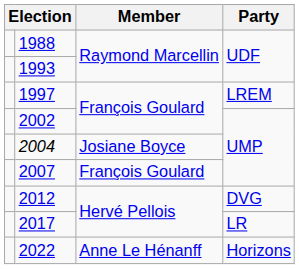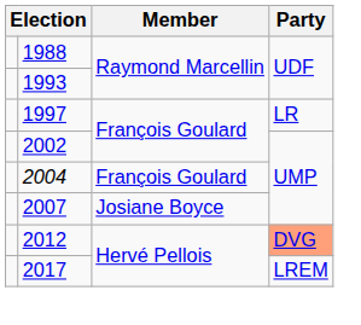 <table class="wikitable">
 <tr>
 <th colspan="2">Election</th>
 <th>Member</th>
 <th>Party</th>
 </tr>
 <tr>
 <td style="color:inherit;background-color: "></td>
 <td><a href='#'>1988</a></td>
 <td rowspan="2"><a href='#'>Raymond Marcellin</a></td>
 <td rowspan="2"><a href='#'>UDF</a></td>
 </tr>
 <tr>
 <td style="color:inherit;background-color: "></td>
 <td><a href='#'>1993</a></td>
 </tr>
 <tr>
 <td style="color:inherit;background-color: "></td>
 <td><a href='#'>1997</a></td>
 <td rowspan="2"><a href='#'>François Goulard</a></td>
-<td><a href='#'>LREM</a></td>
+<td><a href='#'>LR</a></td>
 </tr>
 <tr>
 <td style="color:inherit;background-color: "></td>
 <td><a href='#'>2002</a></td>
 <td rowspan="3"><a href='#'>UMP</a></td>
 </tr>
 <tr>
 <td style="color:inherit;background-color: "></td>
 <td><em>2004</em></td>
-<td><a href='#'>Josiane Boyce</a></td>
+<td><a href='#'>François Goulard</a></td>
 </tr>
 <tr>
 <td style="color:inherit;background-color: "></td>
 <td><a href='#'>2007</a></td>
-<td><a href='#'>François Goulard</a></td>
+<td><a href='#'>Josiane Boyce</a></td>
 </tr>
 <tr>
 <td style="color:inherit;background-color: "></td>
 <td><a href='#'>2012</a></td>
 <td rowspan="2"><a href='#'>Hervé Pellois</a></td>
-<td><a href='#'>DVG</a></td>
+<td style="background: lightsalmon;"><a href='#'>DVG</a></td>
 </tr>
 <tr>
 <td style="color:inherit;background-color: "></td>
 <td><a href='#'>2017</a></td>
-<td><a href='#'>LR</a></td>
-</tr>
-<tr>
-<td style="color:inherit;background-color: "></td>
-<td><a href='#'>2022</a></td>
-<td><a href='#'>Anne Le Hénanff</a></td>
-<td><a href='#'>Horizons</a></td>
+<td><a href='#'>LREM</a></td>
 </tr>
 </table>
